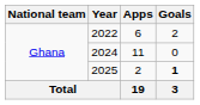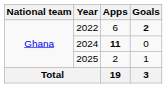 <table class=wikitable style=text-align:center>
 <tr>
 <th>National team</th>
 <th>Year</th>
 <th>Apps</th>
 <th>Goals</th>
 </tr>
 <tr>
 <td rowspan=3><a href='#'>Ghana</a></td>
 <td>2022</td>
 <td>6</td>
-<td>2</td>
+<td><strong>2</strong></td>
 </tr>
 <tr>
 <td>2024</td>
-<td>11</td>
+<td><strong>11</strong></td>
 <td>0</td>
 </tr>
 <tr>
 <td>2025</td>
 <td>2</td>
-<td><strong>1</strong></td>
+<td>1</td>
 </tr>
 <tr>
 <th colspan=2>Total</th>
 <th>19</th>
 <th>3</th>
 </tr>
 </table>
